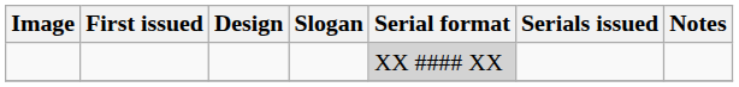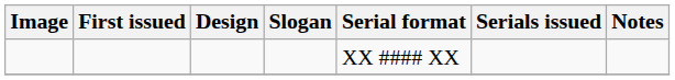 <table class="wikitable">
 <tr>
 <th>Image</th>
 <th>First issued</th>
 <th>Design</th>
 <th>Slogan</th>
 <th>Serial format</th>
 <th>Serials issued</th>
 <th>Notes</th>
 </tr>
 <tr>
 <td></td>
 <td></td>
 <td></td>
 <td></td>
-<td style="background: lightgrey;">XX ####  XX</td>
+<td>XX ####  XX</td>
 <td></td>
 <td></td>
 </tr>
 <tr>
 </tr>
 </table>
